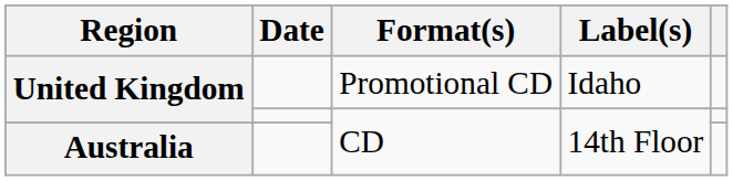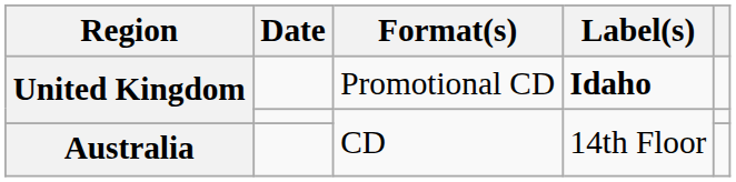 <table class="wikitable plainrowheaders">
 <tr>
 <th scope="col">Region</th>
 <th scope="col">Date</th>
 <th scope="col">Format(s)</th>
 <th scope="col">Label(s)</th>
 <th scope="col"></th>
 </tr>
 <tr>
 <th scope="row" rowspan="2">United Kingdom</th>
 <td></td>
 <td>Promotional CD</td>
-<td>Idaho</td>
+<td><strong>Idaho</strong></td>
 <td></td>
 </tr>
 <tr>
 <td></td>
 <td rowspan="2">CD</td>
 <td rowspan="2">14th Floor</td>
 <td></td>
 </tr>
 <tr>
 <th scope="row">Australia</th>
 <td></td>
 <td></td>
 </tr>
 </table>
